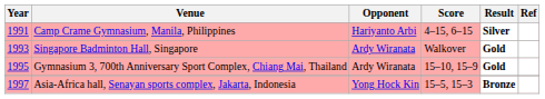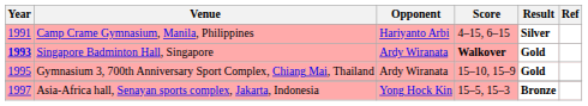 <table class="sortable wikitable" style="font-size: 90%;">
 <tr>
 <th>Year</th>
 <th>Venue</th>
 <th>Opponent</th>
 <th>Score</th>
 <th>Result</th>
 <th>Ref</th>
 </tr>
 <tr style="background:#FFAAAA">
 <td align="center"><a href='#'>1991</a></td>
 <td align="left"><a href='#'>Camp Crame Gymnasium</a>, <a href='#'>Manila</a>, Philippines</td>
 <td align="left"> <a href='#'>Hariyanto Arbi</a></td>
 <td align="left">4–15, 6–15</td>
 <td style="text-align:left; background:white"> <strong>Silver</strong></td>
 <td style="text-align:center; background:white"></td>
 </tr>
 <tr style="background:#FFAAAA">
-<td align="center"><a href='#'>1993</a></td>
+<td align="center"><strong><a href='#'>1993</a></strong></td>
 <td align="left"><a href='#'>Singapore Badminton Hall</a>, Singapore</td>
 <td align="left"> <a href='#'>Ardy Wiranata</a></td>
-<td align="left">Walkover</td>
+<td align="left"><strong>Walkover</strong></td>
 <td style="text-align:left; background:white"> <strong>Gold</strong></td>
 <td style="text-align:center; background:white"></td>
 </tr>
 <tr style="background:#FFAAAA">
 <td align="center"><a href='#'>1995</a></td>
 <td align="left">Gymnasium 3, 700th Anniversary Sport Complex, <a href='#'>Chiang Mai</a>, Thailand</td>
 <td align="left"> Ardy Wiranata</td>
 <td align="left">15–10, 15–9</td>
 <td style="text-align:left; background:white"> <strong>Gold</strong></td>
 <td style="text-align:center; background:white"></td>
 </tr>
 <tr>
 </tr>
 <tr style="background:#FFAAAA">
 <td align="center"><a href='#'>1997</a></td>
 <td align="left">Asia-Africa hall, <a href='#'>Senayan sports complex</a>, <a href='#'>Jakarta</a>, Indonesia</td>
 <td align="left"> <a href='#'>Yong Hock Kin</a></td>
 <td align="left">15–5, 15–3</td>
 <td style="text-align:left; background:white"> <strong>Bronze</strong></td>
 <td style="text-align:center; background:white"></td>
 </tr>
 </table>
